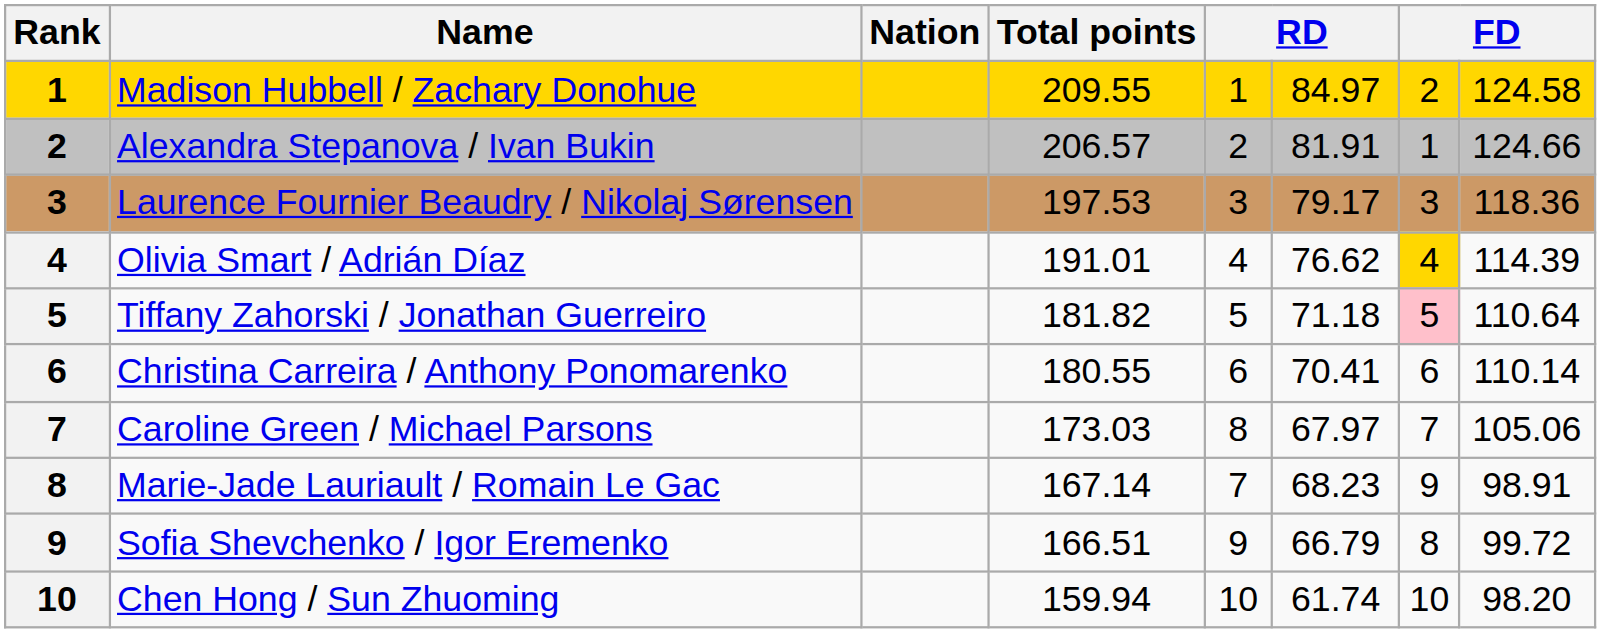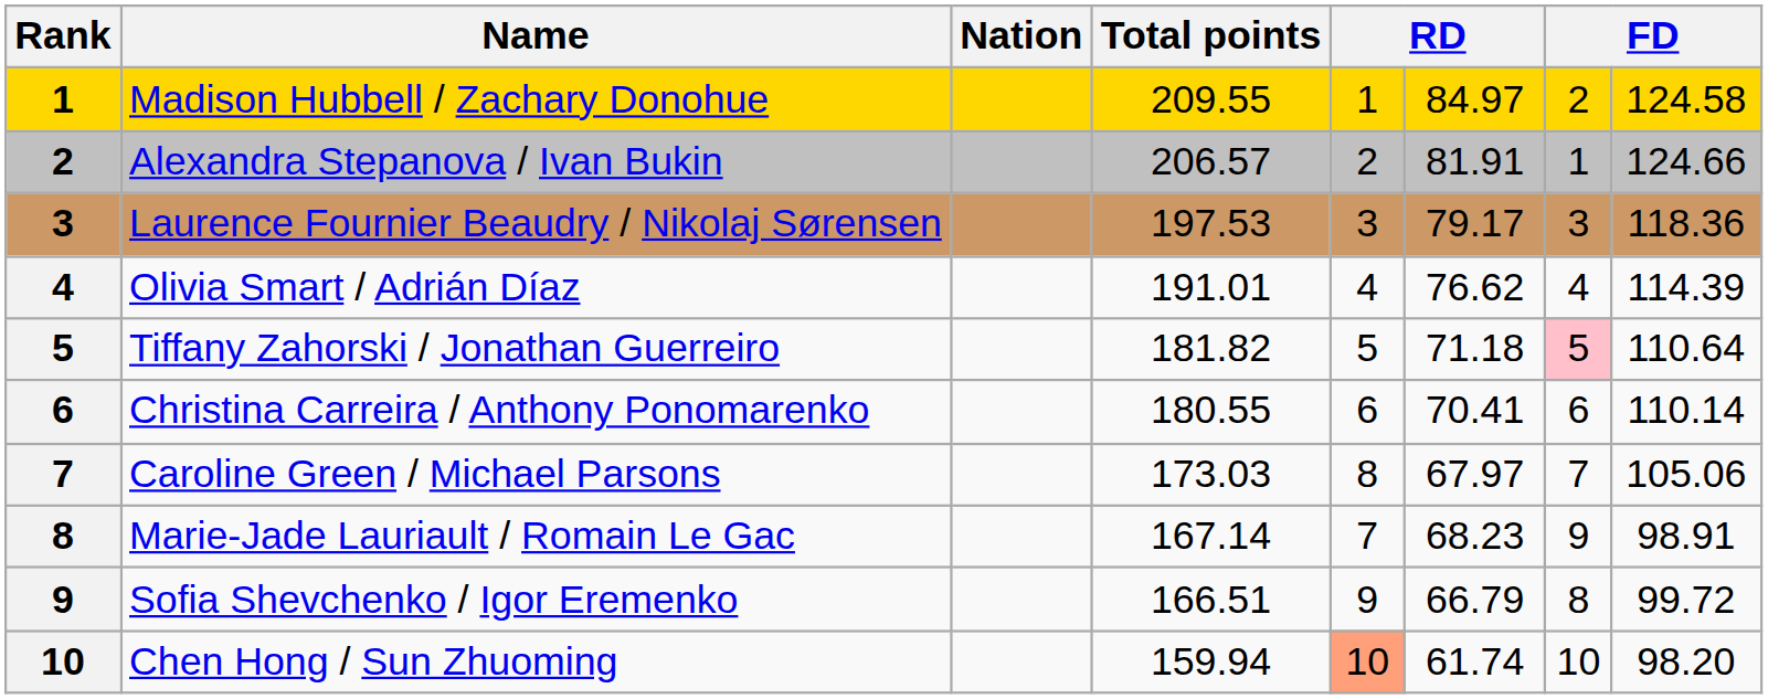 <table class="wikitable sortable">
 <tr>
 <th>Rank</th>
 <th>Name</th>
 <th>Nation</th>
 <th>Total points</th>
 <th width="80" colspan="2"><a href='#'>RD</a></th>
 <th width="80" colspan="2"><a href='#'>FD</a></th>
 </tr>
 <tr bgcolor="gold">
 <td align="center"><strong>1</strong></td>
 <td><a href='#'>Madison Hubbell</a> / <a href='#'>Zachary Donohue</a></td>
 <td></td>
 <td align="center">209.55</td>
 <td align="center">1</td>
 <td align="center">84.97</td>
 <td align="center">2</td>
 <td align="center">124.58</td>
 </tr>
 <tr bgcolor="silver">
 <td align="center"><strong>2</strong></td>
 <td><a href='#'>Alexandra Stepanova</a> / <a href='#'>Ivan Bukin</a></td>
 <td></td>
 <td align="center">206.57</td>
 <td align="center">2</td>
 <td align="center">81.91</td>
 <td align="center">1</td>
 <td align="center">124.66</td>
 </tr>
 <tr bgcolor="#cc9966">
 <td align="center"><strong>3</strong></td>
 <td><a href='#'>Laurence Fournier Beaudry</a> / <a href='#'>Nikolaj Sørensen</a></td>
 <td></td>
 <td align="center">197.53</td>
 <td align="center">3</td>
 <td align="center">79.17</td>
 <td align="center">3</td>
 <td align="center">118.36</td>
 </tr>
 <tr>
 <th>4</th>
 <td><a href='#'>Olivia Smart</a> / <a href='#'>Adrián Díaz</a></td>
 <td></td>
 <td align="center">191.01</td>
 <td align="center">4</td>
 <td align="center">76.62</td>
-<td align="center" style="background: gold;">4</td>
+<td align="center">4</td>
 <td align="center">114.39</td>
 </tr>
 <tr>
 <th>5</th>
 <td><a href='#'>Tiffany Zahorski</a> / <a href='#'>Jonathan Guerreiro</a></td>
 <td></td>
 <td align="center">181.82</td>
 <td align="center">5</td>
 <td align="center">71.18</td>
 <td align="center" style="background: pink;">5</td>
 <td align="center">110.64</td>
 </tr>
 <tr>
 <th>6</th>
 <td><a href='#'>Christina Carreira</a> / <a href='#'>Anthony Ponomarenko</a></td>
 <td></td>
 <td align="center">180.55</td>
 <td align="center">6</td>
 <td align="center">70.41</td>
 <td align="center">6</td>
 <td align="center">110.14</td>
 </tr>
 <tr>
 <th>7</th>
 <td><a href='#'>Caroline Green</a> / <a href='#'>Michael Parsons</a></td>
 <td></td>
 <td align="center">173.03</td>
 <td align="center">8</td>
 <td align="center">67.97</td>
 <td align="center">7</td>
 <td align="center">105.06</td>
 </tr>
 <tr>
 <th>8</th>
 <td><a href='#'>Marie-Jade Lauriault</a> / <a href='#'>Romain Le Gac</a></td>
 <td></td>
 <td align="center">167.14</td>
 <td align="center">7</td>
 <td align="center">68.23</td>
 <td align="center">9</td>
 <td align="center">98.91</td>
 </tr>
 <tr>
 <th>9</th>
 <td><a href='#'>Sofia Shevchenko</a> / <a href='#'>Igor Eremenko</a></td>
 <td></td>
 <td align="center">166.51</td>
 <td align="center">9</td>
 <td align="center">66.79</td>
 <td align="center">8</td>
 <td align="center">99.72</td>
 </tr>
 <tr>
 <th>10</th>
 <td><a href='#'>Chen Hong</a> / <a href='#'>Sun Zhuoming</a></td>
 <td></td>
 <td align="center">159.94</td>
-<td align="center">10</td>
+<td align="center" style="background: lightsalmon;">10</td>
 <td align="center">61.74</td>
 <td align="center">10</td>
 <td align="center">98.20</td>
 </tr>
 </table>
